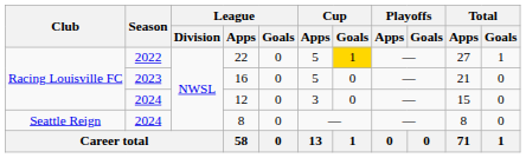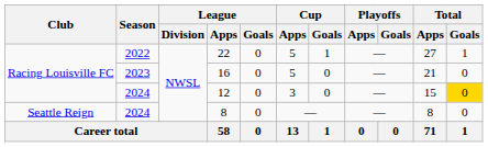 <table class="wikitable" style="text-align:center">
 <tr>
 <th rowspan="2">Club</th>
 <th rowspan="2">Season</th>
 <th colspan="3">League</th>
 <th colspan="2">Cup</th>
 <th colspan="2">Playoffs</th>
 <th colspan="2">Total</th>
 </tr>
 <tr>
 <th>Division</th>
 <th>Apps</th>
 <th>Goals</th>
 <th>Apps</th>
 <th>Goals</th>
 <th>Apps</th>
 <th>Goals</th>
 <th>Apps</th>
 <th>Goals</th>
 </tr>
 <tr>
 <td rowspan="3"><a href='#'>Racing Louisville FC</a></td>
 <td><a href='#'>2022</a></td>
 <td rowspan="4"><a href='#'>NWSL</a></td>
 <td>22</td>
 <td>0</td>
 <td>5</td>
-<td style="background: gold;">1</td>
+<td>1</td>
 <td colspan="2">—</td>
 <td>27</td>
 <td>1</td>
 </tr>
 <tr>
 <td><a href='#'>2023</a></td>
 <td>16</td>
 <td>0</td>
 <td>5</td>
 <td>0</td>
 <td colspan="2">—</td>
 <td>21</td>
 <td>0</td>
 </tr>
 <tr>
 <td><a href='#'>2024</a></td>
 <td>12</td>
 <td>0</td>
 <td>3</td>
 <td>0</td>
 <td colspan="2">—</td>
 <td>15</td>
-<td>0</td>
+<td style="background: gold;">0</td>
 </tr>
 <tr>
 <td><a href='#'>Seattle Reign</a></td>
 <td><a href='#'>2024</a></td>
 <td>8</td>
 <td>0</td>
 <td colspan="2">—</td>
 <td colspan="2">—</td>
 <td>8</td>
 <td>0</td>
 </tr>
 <tr>
 <th colspan="3">Career total</th>
 <th>58</th>
 <th>0</th>
 <th>13</th>
 <th>1</th>
 <th>0</th>
 <th>0</th>
 <th>71</th>
 <th>1</th>
 </tr>
 </table>
